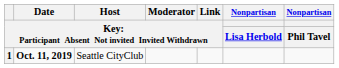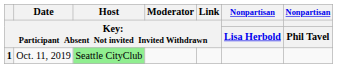 <table class="wikitable" style="text-align:center;">
 <tr>
 <th scope="col"></th>
 <th scope="col">Date</th>
 <th scope="col">Host</th>
 <th scope="col">Moderator</th>
 <th scope="col">Link</th>
 <th scope="col"><small><a href='#'>Nonpartisan</a></small></th>
 <th scope="col"><small><a href='#'>Nonpartisan</a></small></th>
 </tr>
 <tr>
 <th colspan="5" rowspan="2">Key:<br> <small>Participant </small>  <small>Absent </small>  <small>Not invited </small>  <small>Invited  Withdrawn</small></th>
 <th scope="col" style="background:"></th>
 <th scope="col" style="background:"></th>
 </tr>
 <tr>
 <th scope="col"><a href='#'>Lisa Herbold</a></th>
 <th scope="col">Phil Tavel</th>
 </tr>
 <tr>
 <th>1</th>
-<td style="white-space:nowrap;"><strong>Oct. 11, 2019</strong></td>
-<td style="white-space:nowrap;">Seattle CityClub</td>
+<td style="white-space:nowrap;">Oct. 11, 2019</td>
+<td style="background: lightgreen; white-space:nowrap;">Seattle CityClub</td>
 <td style="white-space:nowrap;"></td>
 <td style="white-space:nowrap;"></td>
 <td></td>
 <td></td>
 </tr>
 </table>
